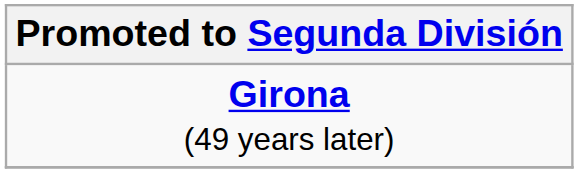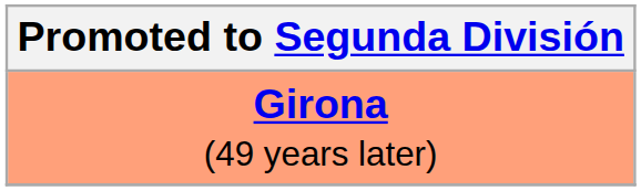 <table class="wikitable" style="text-align: center; margin: 0 auto;">
 <tr>
 <th colspan="2">Promoted to <a href='#'>Segunda División</a></th>
 </tr>
 <tr>
-<td><strong><a href='#'>Girona</a></strong><br><small>(49 years later)</small></td>
+<td style="background: lightsalmon;"><strong><a href='#'>Girona</a></strong><br><small>(49 years later)</small></td>
 </tr>
 <tr>
 </tr>
 </table>
